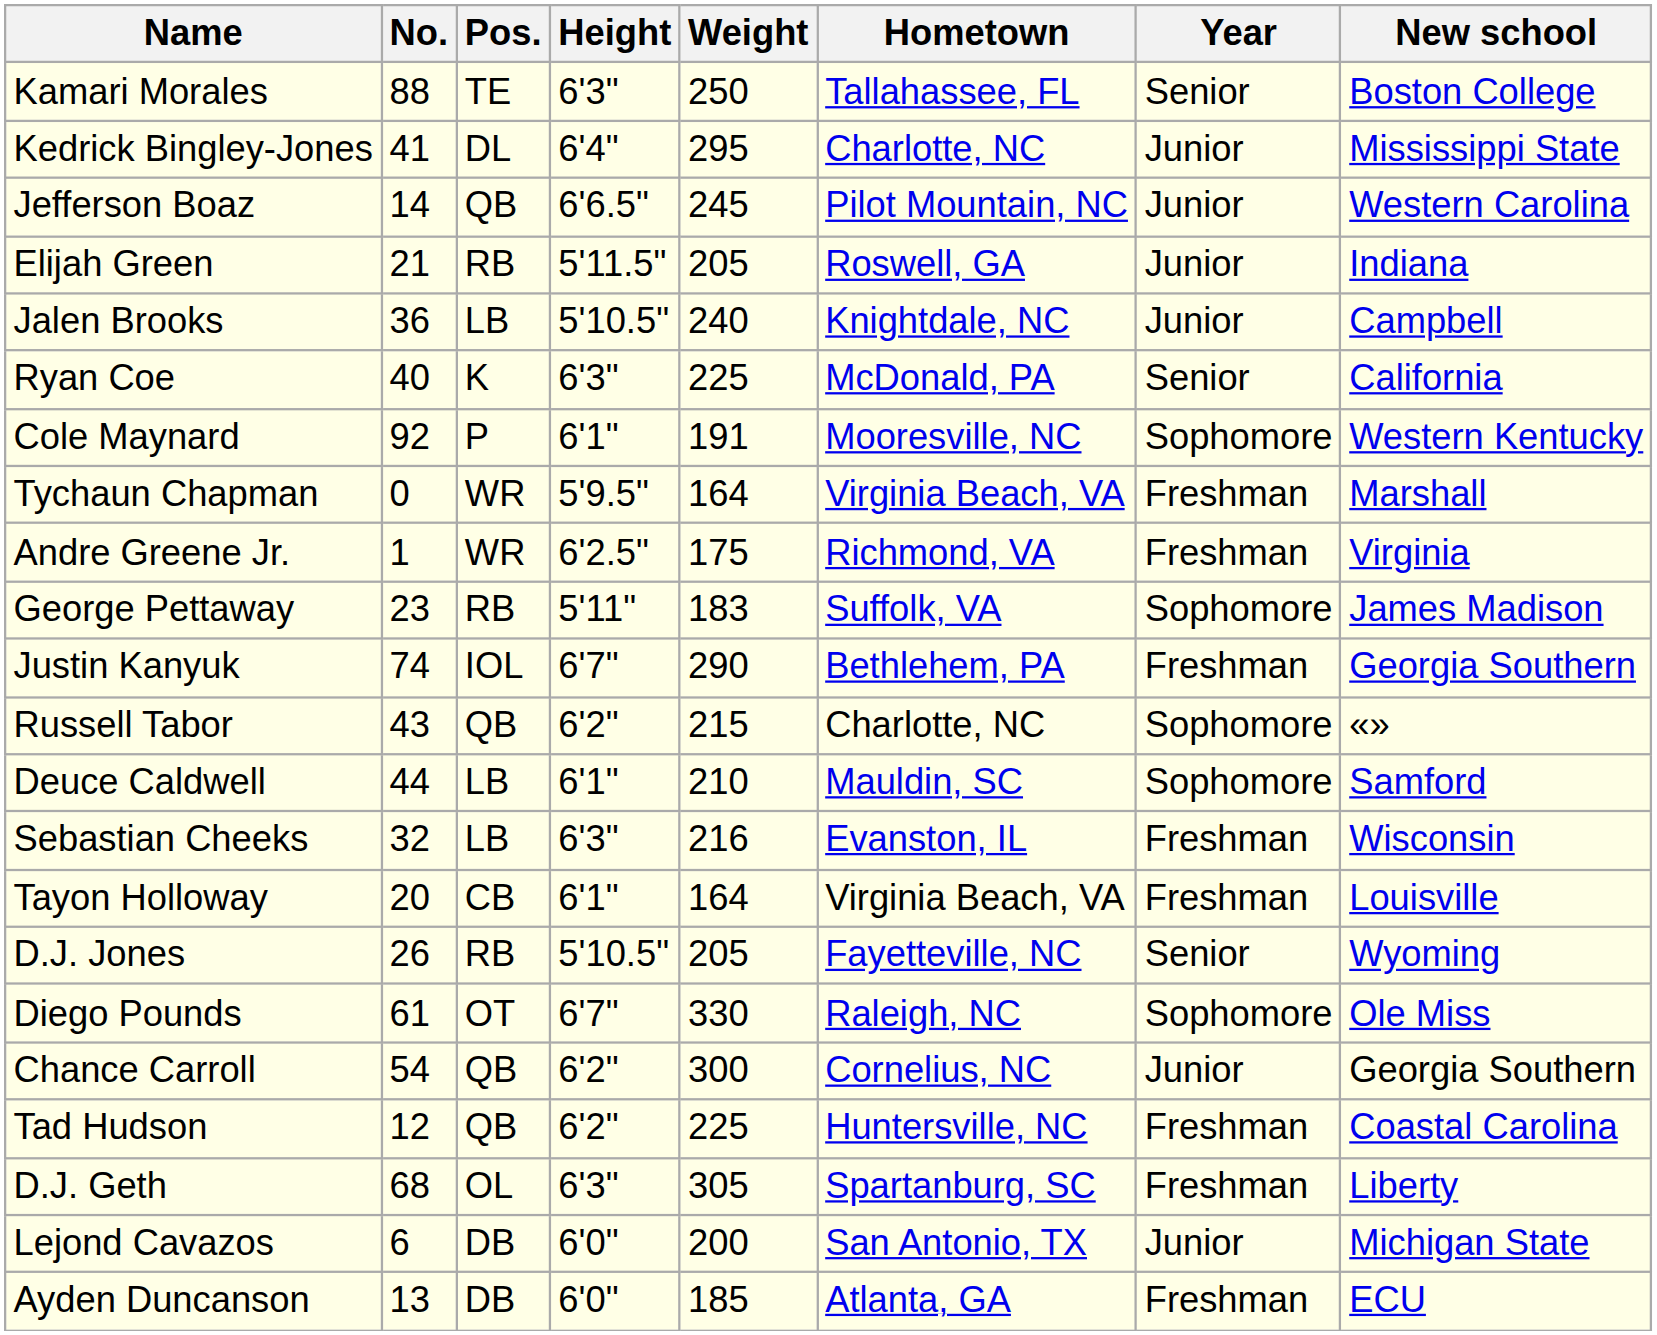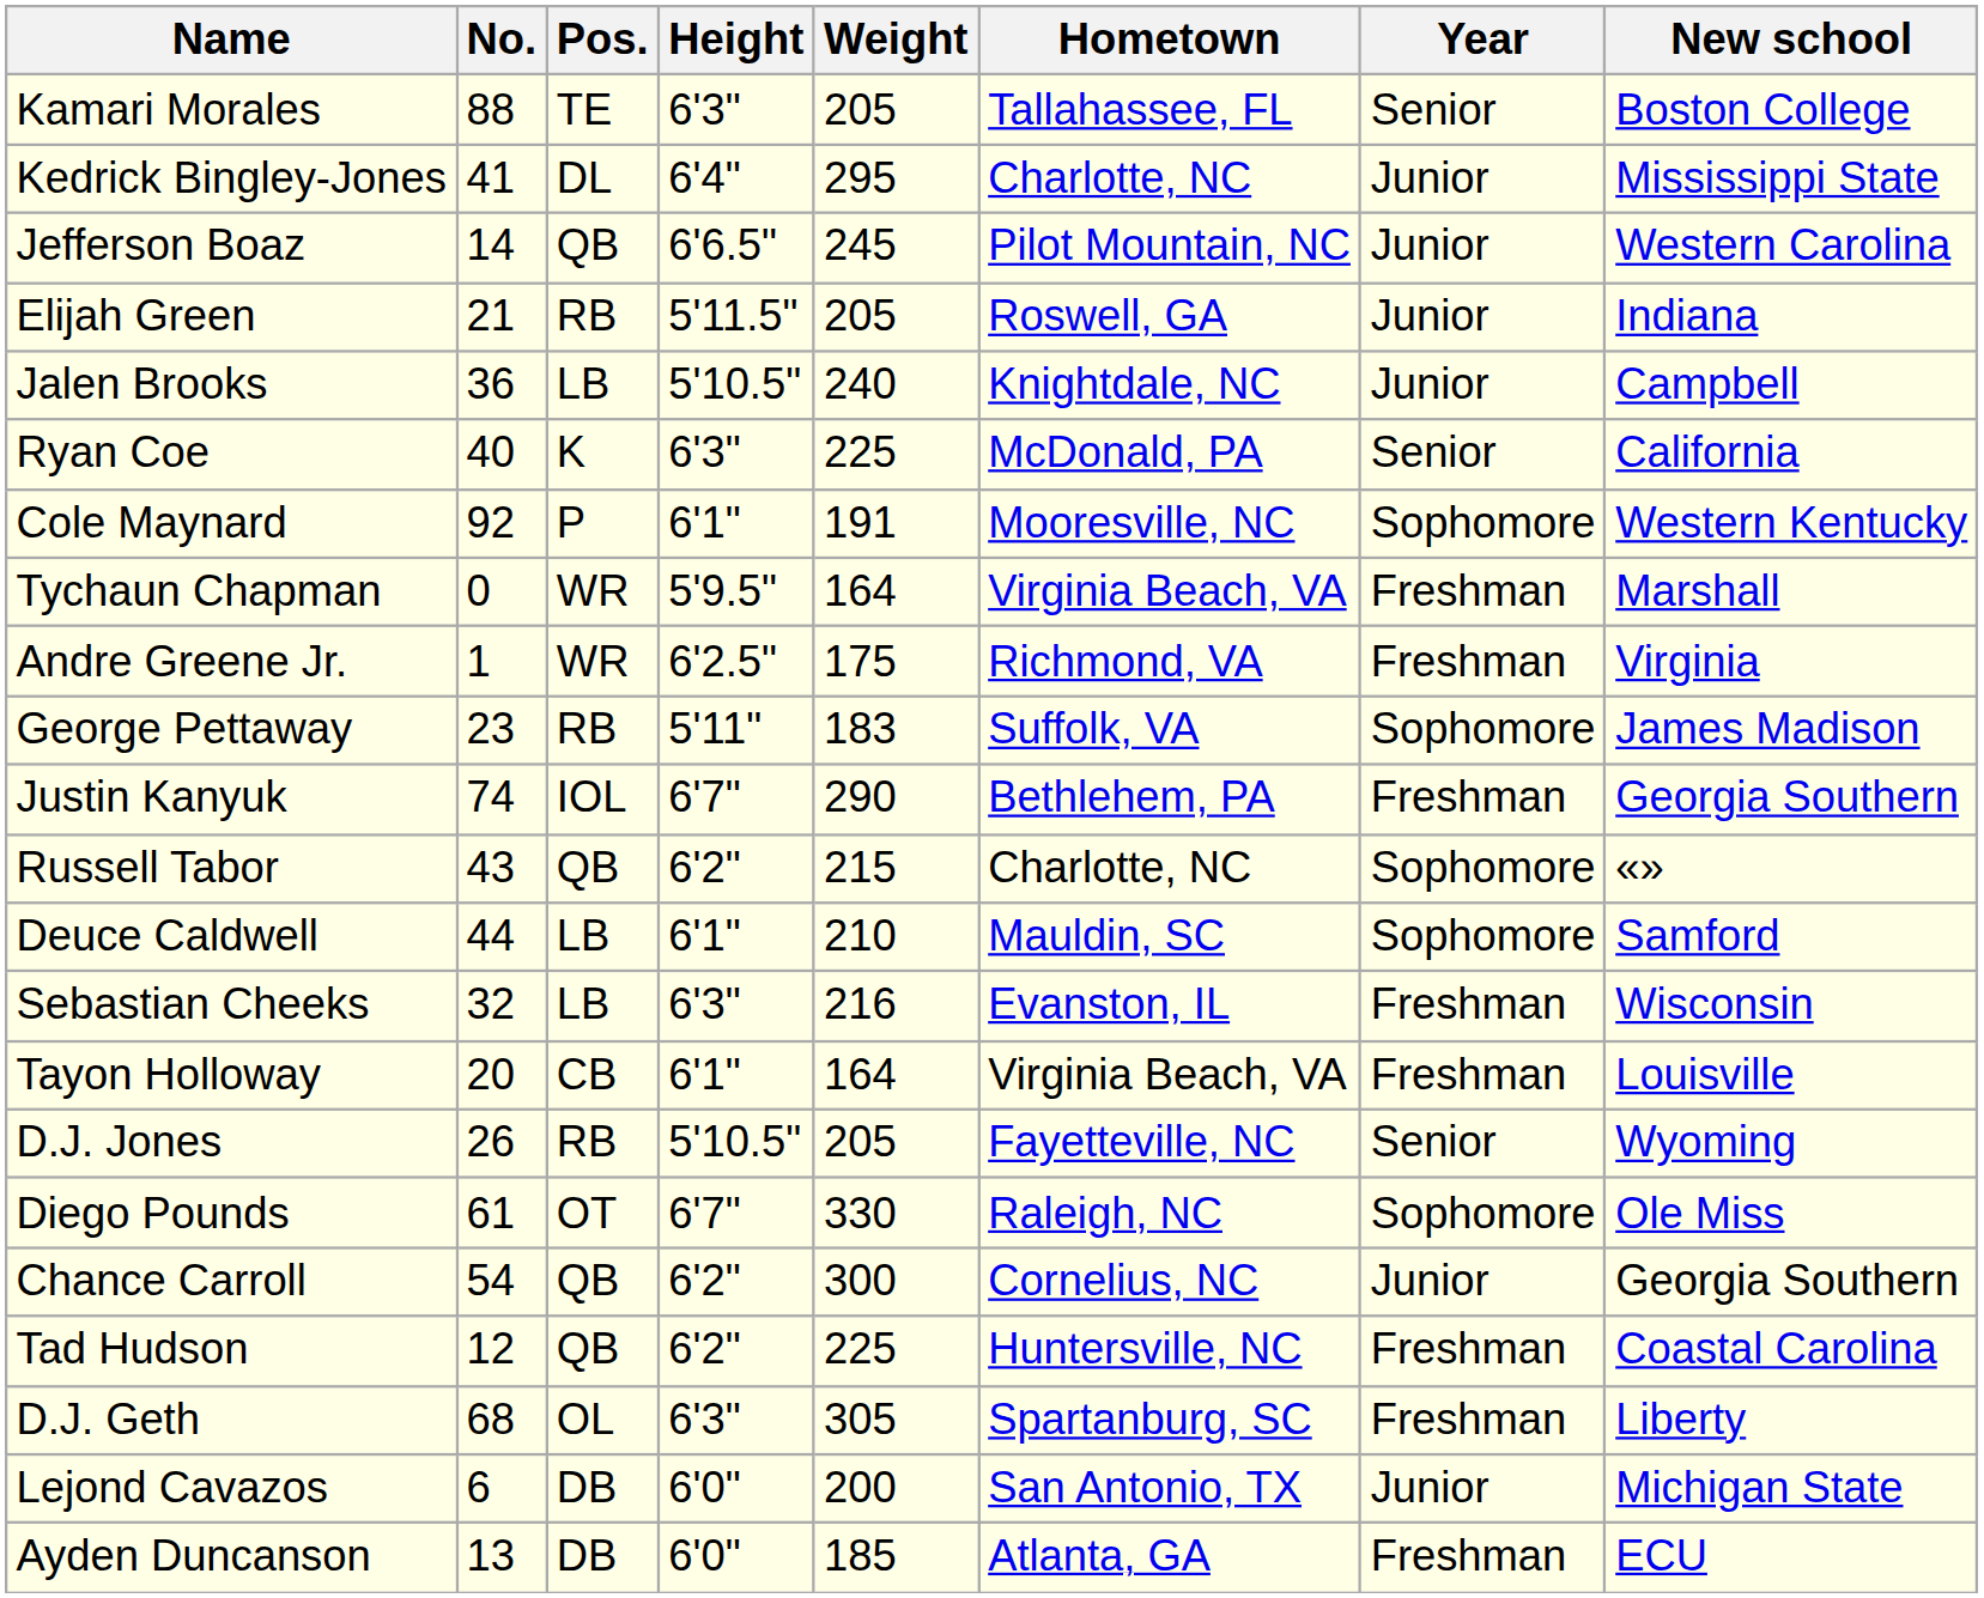 <table class="wikitable sortable">
 <tr>
 <th>Name</th>
 <th>No.</th>
 <th>Pos.</th>
 <th>Height</th>
 <th>Weight</th>
 <th>Hometown</th>
 <th>Year</th>
 <th class="unsortable">New school</th>
 </tr>
 <tr style="background:#FFFFE6;">
 <td>Kamari Morales</td>
 <td>88</td>
 <td>TE</td>
 <td>6'3"</td>
-<td>250</td>
+<td>205</td>
 <td><a href='#'>Tallahassee, FL</a></td>
 <td>Senior</td>
 <td><a href='#'>Boston College</a></td>
 </tr>
 <tr style="background:#FFFFE6;">
 <td>Kedrick Bingley-Jones</td>
 <td>41</td>
 <td>DL</td>
 <td>6'4"</td>
 <td>295</td>
 <td><a href='#'>Charlotte, NC</a></td>
 <td>Junior</td>
 <td><a href='#'>Mississippi State</a></td>
 </tr>
 <tr style="background:#FFFFE6;">
 <td>Jefferson Boaz</td>
 <td>14</td>
 <td>QB</td>
 <td>6'6.5"</td>
 <td>245</td>
 <td><a href='#'>Pilot Mountain, NC</a></td>
 <td>Junior</td>
 <td><a href='#'>Western Carolina</a></td>
 </tr>
 <tr style="background:#FFFFE6;">
 <td>Elijah Green</td>
 <td>21</td>
 <td>RB</td>
 <td>5'11.5"</td>
 <td>205</td>
 <td><a href='#'>Roswell, GA</a></td>
 <td>Junior</td>
 <td><a href='#'>Indiana</a></td>
 </tr>
 <tr style="background:#FFFFE6;">
 <td>Jalen Brooks</td>
 <td>36</td>
 <td>LB</td>
 <td>5'10.5"</td>
 <td>240</td>
 <td><a href='#'>Knightdale, NC</a></td>
 <td>Junior</td>
 <td><a href='#'>Campbell</a></td>
 </tr>
 <tr style="background:#FFFFE6;">
 <td>Ryan Coe</td>
 <td>40</td>
 <td>K</td>
 <td>6'3"</td>
 <td>225</td>
 <td><a href='#'>McDonald, PA</a></td>
 <td>Senior</td>
 <td><a href='#'>California</a></td>
 </tr>
 <tr style="background:#FFFFE6;">
 <td>Cole Maynard</td>
 <td>92</td>
 <td>P</td>
 <td>6'1"</td>
 <td>191</td>
 <td><a href='#'>Mooresville, NC</a></td>
 <td>Sophomore</td>
 <td><a href='#'>Western Kentucky</a></td>
 </tr>
 <tr style="background:#FFFFE6;">
 <td>Tychaun Chapman</td>
 <td>0</td>
 <td>WR</td>
 <td>5'9.5"</td>
 <td>164</td>
 <td><a href='#'>Virginia Beach, VA</a></td>
 <td> Freshman</td>
 <td><a href='#'>Marshall</a></td>
 </tr>
 <tr style="background:#FFFFE6;">
 <td>Andre Greene Jr.</td>
 <td>1</td>
 <td>WR</td>
 <td>6'2.5"</td>
 <td>175</td>
 <td><a href='#'>Richmond, VA</a></td>
 <td> Freshman</td>
 <td><a href='#'>Virginia</a></td>
 </tr>
 <tr style="background:#FFFFE6;">
 <td>George Pettaway</td>
 <td>23</td>
 <td>RB</td>
 <td>5'11"</td>
 <td>183</td>
 <td><a href='#'>Suffolk, VA</a></td>
 <td>Sophomore</td>
 <td><a href='#'>James Madison</a></td>
 </tr>
 <tr style="background:#FFFFE6;">
 <td>Justin Kanyuk</td>
 <td>74</td>
 <td>IOL</td>
 <td>6'7"</td>
 <td>290</td>
 <td><a href='#'>Bethlehem, PA</a></td>
 <td> Freshman</td>
 <td><a href='#'>Georgia Southern</a></td>
 </tr>
 <tr style="background:#FFFFE6;">
 <td>Russell Tabor</td>
 <td>43</td>
 <td>QB</td>
 <td>6'2"</td>
 <td>215</td>
 <td>Charlotte, NC</td>
 <td>Sophomore</td>
 <td>«»</td>
 </tr>
 <tr style="background:#FFFFE6;">
 <td>Deuce Caldwell</td>
 <td>44</td>
 <td>LB</td>
 <td>6'1"</td>
 <td>210</td>
 <td><a href='#'>Mauldin, SC</a></td>
 <td>Sophomore</td>
 <td><a href='#'>Samford</a></td>
 </tr>
 <tr style="background:#FFFFE6;">
 <td>Sebastian Cheeks</td>
 <td>32</td>
 <td>LB</td>
 <td>6'3"</td>
 <td>216</td>
 <td><a href='#'>Evanston, IL</a></td>
 <td> Freshman</td>
 <td><a href='#'>Wisconsin</a></td>
 </tr>
 <tr style="background:#FFFFE6;">
 <td>Tayon Holloway</td>
 <td>20</td>
 <td>CB</td>
 <td>6'1"</td>
 <td>164</td>
 <td>Virginia Beach, VA</td>
 <td> Freshman</td>
 <td><a href='#'>Louisville</a></td>
 </tr>
 <tr style="background:#FFFFE6;">
 <td>D.J. Jones</td>
 <td>26</td>
 <td>RB</td>
 <td>5'10.5"</td>
 <td>205</td>
 <td><a href='#'>Fayetteville, NC</a></td>
 <td>Senior</td>
 <td><a href='#'>Wyoming</a></td>
 </tr>
 <tr style="background:#FFFFE6;">
 <td>Diego Pounds</td>
 <td>61</td>
 <td>OT</td>
 <td>6'7"</td>
 <td>330</td>
 <td><a href='#'>Raleigh, NC</a></td>
 <td> Sophomore</td>
 <td><a href='#'>Ole Miss</a></td>
 </tr>
 <tr style="background:#FFFFE6;">
 <td>Chance Carroll</td>
 <td>54</td>
 <td>QB</td>
 <td>6'2"</td>
 <td>300</td>
 <td><a href='#'>Cornelius, NC</a></td>
 <td>Junior</td>
 <td>Georgia Southern</td>
 </tr>
 <tr style="background:#FFFFE6;">
 <td>Tad Hudson</td>
 <td>12</td>
 <td>QB</td>
 <td>6'2"</td>
 <td>225</td>
 <td><a href='#'>Huntersville, NC</a></td>
 <td>Freshman</td>
 <td><a href='#'>Coastal Carolina</a></td>
 </tr>
 <tr style="background:#FFFFE6;">
 <td>D.J. Geth</td>
 <td>68</td>
 <td>OL</td>
 <td>6'3"</td>
 <td>305</td>
 <td><a href='#'>Spartanburg, SC</a></td>
 <td>Freshman</td>
 <td><a href='#'>Liberty</a></td>
 </tr>
 <tr style="background:#FFFFE6;">
 <td>Lejond Cavazos</td>
 <td>6</td>
 <td>DB</td>
 <td>6'0"</td>
 <td>200</td>
 <td><a href='#'>San Antonio, TX</a></td>
 <td>Junior</td>
 <td><a href='#'>Michigan State</a></td>
 </tr>
 <tr style="background:#FFFFE6;">
 <td>Ayden Duncanson</td>
 <td>13</td>
 <td>DB</td>
 <td>6'0"</td>
 <td>185</td>
 <td><a href='#'>Atlanta, GA</a></td>
 <td>Freshman</td>
 <td><a href='#'>ECU</a></td>
 </tr>
 </table>
